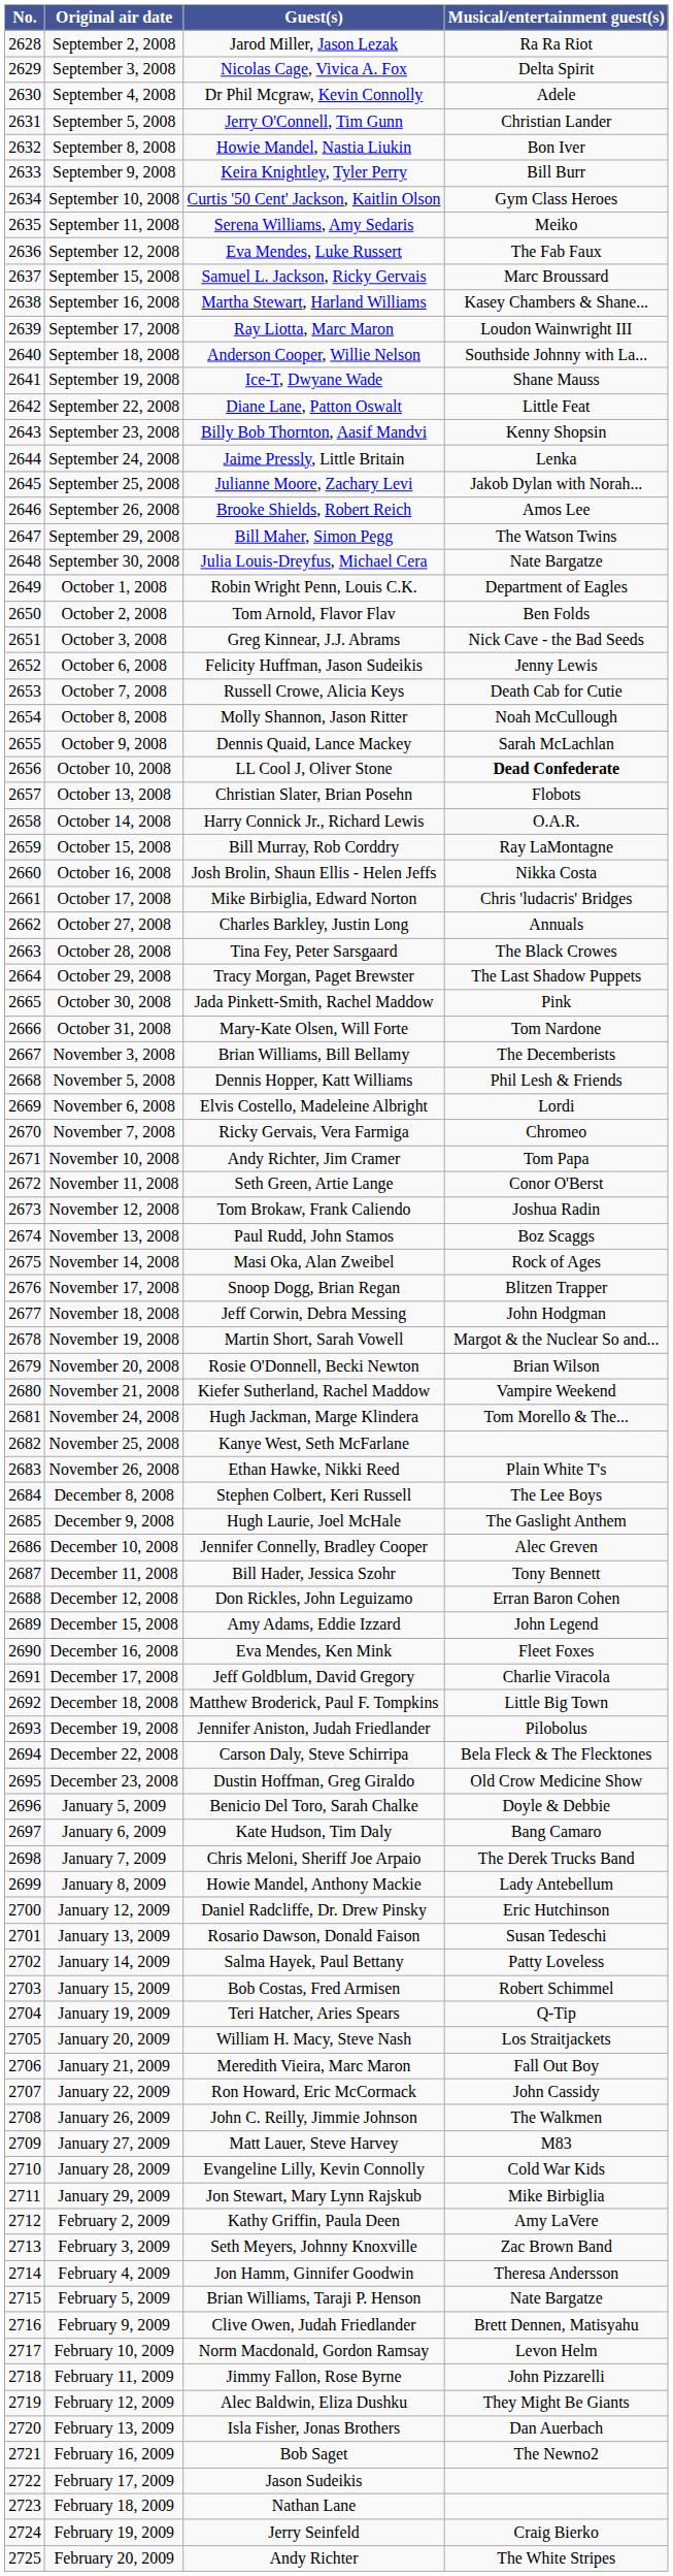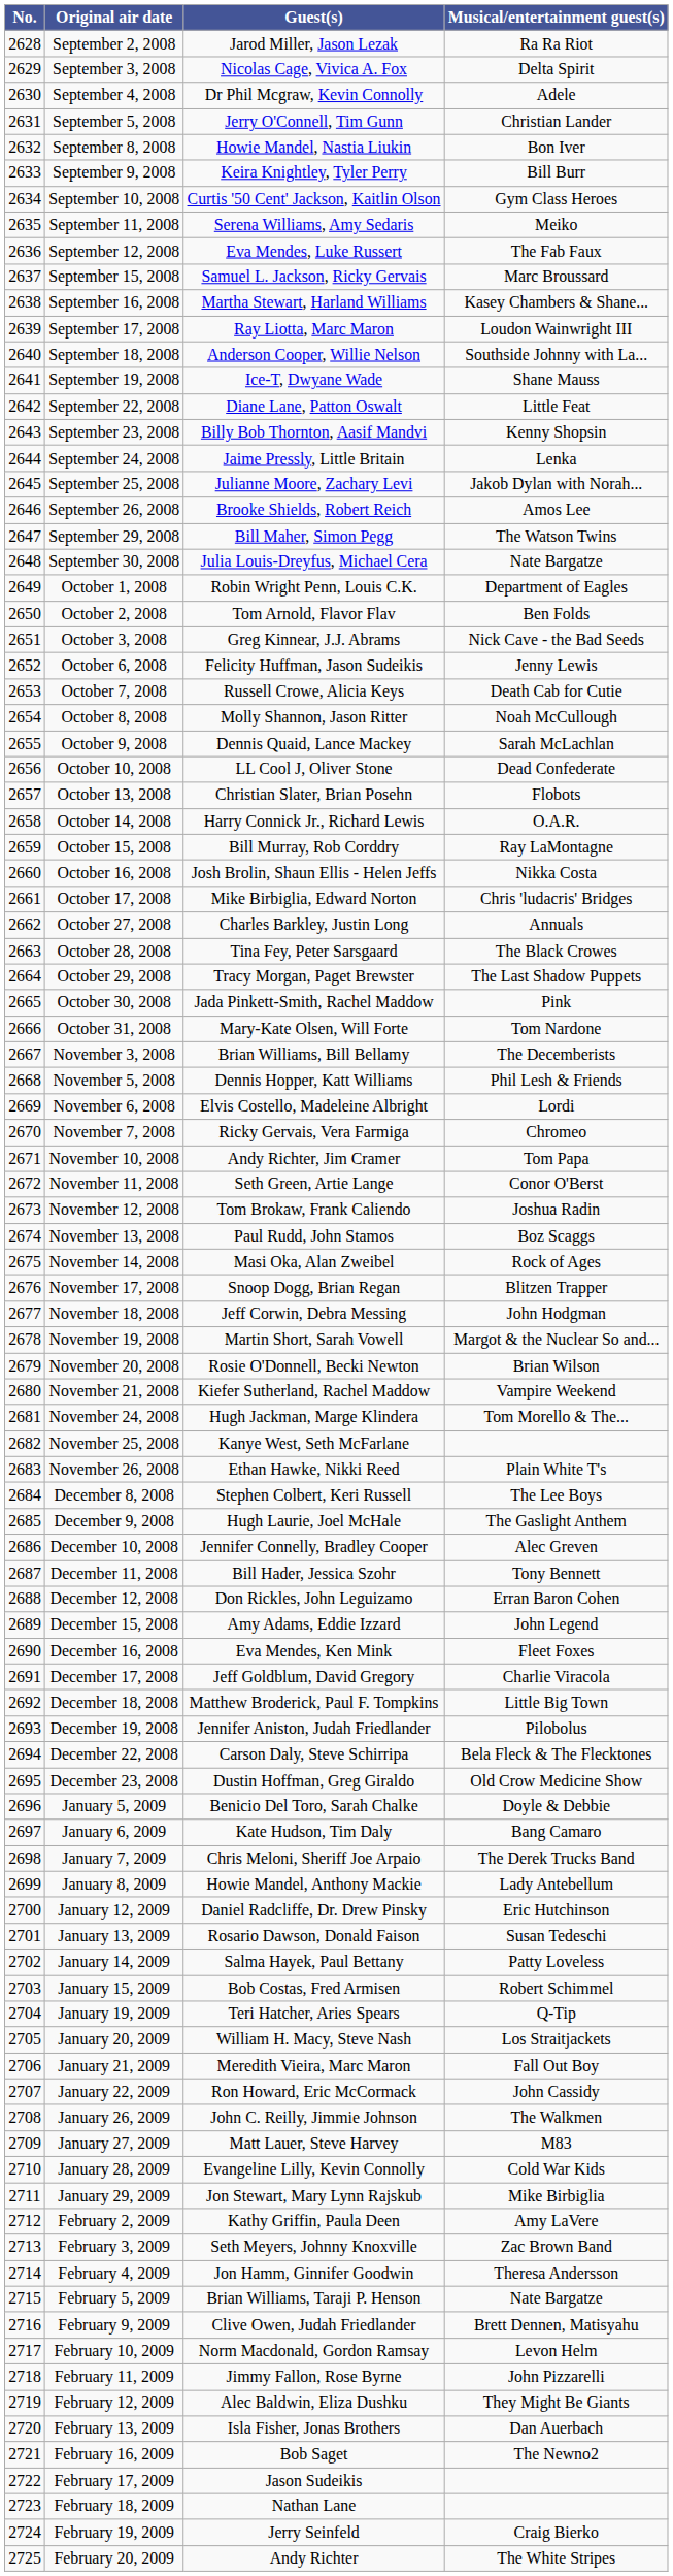 <table class="wikitable" style="text-align:center",>
 <tr style="background: #445597; color: white">
 <td><strong>No.</strong></td>
 <td><strong>Original air date</strong></td>
 <td><strong>Guest(s)</strong></td>
 <td><strong>Musical/entertainment guest(s)</strong></td>
 </tr>
 <tr>
 <td>2628</td>
 <td>September 2, 2008</td>
 <td>Jarod Miller, <a href='#'>Jason Lezak</a></td>
 <td>Ra Ra Riot</td>
 </tr>
 <tr>
 <td>2629</td>
 <td>September 3, 2008</td>
 <td><a href='#'>Nicolas Cage</a>, <a href='#'>Vivica A. Fox</a></td>
 <td>Delta Spirit</td>
 </tr>
 <tr>
 <td>2630</td>
 <td>September 4, 2008</td>
 <td>Dr Phil Mcgraw, <a href='#'>Kevin Connolly</a></td>
 <td>Adele</td>
 </tr>
 <tr>
 <td>2631</td>
 <td>September 5, 2008</td>
 <td><a href='#'>Jerry O'Connell</a>, <a href='#'>Tim Gunn</a></td>
 <td>Christian Lander</td>
 </tr>
 <tr>
 <td>2632</td>
 <td>September 8, 2008</td>
 <td><a href='#'>Howie Mandel</a>, <a href='#'>Nastia Liukin</a></td>
 <td>Bon Iver</td>
 </tr>
 <tr>
 <td>2633</td>
 <td>September 9, 2008</td>
 <td><a href='#'>Keira Knightley</a>, <a href='#'>Tyler Perry</a></td>
 <td>Bill Burr</td>
 </tr>
 <tr>
 <td>2634</td>
 <td>September 10, 2008</td>
 <td><a href='#'>Curtis '50 Cent' Jackson</a>, <a href='#'>Kaitlin Olson</a></td>
 <td>Gym Class Heroes</td>
 </tr>
 <tr>
 <td>2635</td>
 <td>September 11, 2008</td>
 <td><a href='#'>Serena Williams</a>, <a href='#'>Amy Sedaris</a></td>
 <td>Meiko</td>
 </tr>
 <tr>
 <td>2636</td>
 <td>September 12, 2008</td>
 <td><a href='#'>Eva Mendes</a>, <a href='#'>Luke Russert</a></td>
 <td>The Fab Faux</td>
 </tr>
 <tr>
 <td>2637</td>
 <td>September 15, 2008</td>
 <td><a href='#'>Samuel L. Jackson</a>, <a href='#'>Ricky Gervais</a></td>
 <td>Marc Broussard</td>
 </tr>
 <tr>
 <td>2638</td>
 <td>September 16, 2008</td>
 <td><a href='#'>Martha Stewart</a>, <a href='#'>Harland Williams</a></td>
 <td>Kasey Chambers & Shane...</td>
 </tr>
 <tr>
 <td>2639</td>
 <td>September 17, 2008</td>
 <td><a href='#'>Ray Liotta</a>, <a href='#'>Marc Maron</a></td>
 <td>Loudon Wainwright III</td>
 </tr>
 <tr>
 <td>2640</td>
 <td>September 18, 2008</td>
 <td><a href='#'>Anderson Cooper</a>, <a href='#'>Willie Nelson</a></td>
 <td>Southside Johnny with La...</td>
 </tr>
 <tr>
 <td>2641</td>
 <td>September 19, 2008</td>
 <td><a href='#'>Ice-T</a>, <a href='#'>Dwyane Wade</a></td>
 <td>Shane Mauss</td>
 </tr>
 <tr>
 <td>2642</td>
 <td>September 22, 2008</td>
 <td><a href='#'>Diane Lane</a>, <a href='#'>Patton Oswalt</a></td>
 <td>Little Feat</td>
 </tr>
 <tr>
 <td>2643</td>
 <td>September 23, 2008</td>
 <td><a href='#'>Billy Bob Thornton</a>, <a href='#'>Aasif Mandvi</a></td>
 <td>Kenny Shopsin</td>
 </tr>
 <tr>
 <td>2644</td>
 <td>September 24, 2008</td>
 <td><a href='#'>Jaime Pressly</a>, Little Britain</td>
 <td>Lenka</td>
 </tr>
 <tr>
 <td>2645</td>
 <td>September 25, 2008</td>
 <td><a href='#'>Julianne Moore</a>, <a href='#'>Zachary Levi</a></td>
 <td>Jakob Dylan with Norah...</td>
 </tr>
 <tr>
 <td>2646</td>
 <td>September 26, 2008</td>
 <td><a href='#'>Brooke Shields</a>, <a href='#'>Robert Reich</a></td>
 <td>Amos Lee</td>
 </tr>
 <tr>
 <td>2647</td>
 <td>September 29, 2008</td>
 <td><a href='#'>Bill Maher</a>, <a href='#'>Simon Pegg</a></td>
 <td>The Watson Twins</td>
 </tr>
 <tr>
 <td>2648</td>
 <td>September 30, 2008</td>
 <td><a href='#'>Julia Louis-Dreyfus</a>, <a href='#'>Michael Cera</a></td>
 <td>Nate Bargatze</td>
 </tr>
 <tr>
 <td>2649</td>
 <td>October 1, 2008</td>
 <td>Robin Wright Penn, Louis C.K.</td>
 <td>Department of Eagles</td>
 </tr>
 <tr>
 <td>2650</td>
 <td>October 2, 2008</td>
 <td>Tom Arnold, Flavor Flav</td>
 <td>Ben Folds</td>
 </tr>
 <tr>
 <td>2651</td>
 <td>October 3, 2008</td>
 <td>Greg Kinnear, J.J. Abrams</td>
 <td>Nick Cave - the Bad Seeds</td>
 </tr>
 <tr>
 <td>2652</td>
 <td>October 6, 2008</td>
 <td>Felicity Huffman, Jason Sudeikis</td>
 <td>Jenny Lewis</td>
 </tr>
 <tr>
 <td>2653</td>
 <td>October 7, 2008</td>
 <td>Russell Crowe, Alicia Keys</td>
 <td>Death Cab for Cutie</td>
 </tr>
 <tr>
 <td>2654</td>
 <td>October 8, 2008</td>
 <td>Molly Shannon, Jason Ritter</td>
 <td>Noah McCullough</td>
 </tr>
 <tr>
 <td>2655</td>
 <td>October 9, 2008</td>
 <td>Dennis Quaid, Lance Mackey</td>
 <td>Sarah McLachlan</td>
 </tr>
 <tr>
 <td>2656</td>
 <td>October 10, 2008</td>
 <td>LL Cool J, Oliver Stone</td>
-<td><strong>Dead Confederate</strong></td>
+<td>Dead Confederate</td>
 </tr>
 <tr>
 <td>2657</td>
 <td>October 13, 2008</td>
 <td>Christian Slater, Brian Posehn</td>
 <td>Flobots</td>
 </tr>
 <tr>
 <td>2658</td>
 <td>October 14, 2008</td>
 <td>Harry Connick Jr., Richard Lewis</td>
 <td>O.A.R.</td>
 </tr>
 <tr>
 <td>2659</td>
 <td>October 15, 2008</td>
 <td>Bill Murray, Rob Corddry</td>
 <td>Ray LaMontagne</td>
 </tr>
 <tr>
 <td>2660</td>
 <td>October 16, 2008</td>
 <td>Josh Brolin, Shaun Ellis - Helen Jeffs</td>
 <td>Nikka Costa</td>
 </tr>
 <tr>
 <td>2661</td>
 <td>October 17, 2008</td>
 <td>Mike Birbiglia, Edward Norton</td>
 <td>Chris 'ludacris' Bridges</td>
 </tr>
 <tr>
 <td>2662</td>
 <td>October 27, 2008</td>
 <td>Charles Barkley, Justin Long</td>
 <td>Annuals</td>
 </tr>
 <tr>
 <td>2663</td>
 <td>October 28, 2008</td>
 <td>Tina Fey, Peter Sarsgaard</td>
 <td>The Black Crowes</td>
 </tr>
 <tr>
 <td>2664</td>
 <td>October 29, 2008</td>
 <td>Tracy Morgan, Paget Brewster</td>
 <td>The Last Shadow Puppets</td>
 </tr>
 <tr>
 <td>2665</td>
 <td>October 30, 2008</td>
 <td>Jada Pinkett-Smith, Rachel Maddow</td>
 <td>Pink</td>
 </tr>
 <tr>
 <td>2666</td>
 <td>October 31, 2008</td>
 <td>Mary-Kate Olsen, Will Forte</td>
 <td>Tom Nardone</td>
 </tr>
 <tr>
 <td>2667</td>
 <td>November 3, 2008</td>
 <td>Brian Williams, Bill Bellamy</td>
 <td>The Decemberists</td>
 </tr>
 <tr>
 <td>2668</td>
 <td>November 5, 2008</td>
 <td>Dennis Hopper, Katt Williams</td>
 <td>Phil Lesh & Friends</td>
 </tr>
 <tr>
 <td>2669</td>
 <td>November 6, 2008</td>
 <td>Elvis Costello, Madeleine Albright</td>
 <td>Lordi</td>
 </tr>
 <tr>
 <td>2670</td>
 <td>November 7, 2008</td>
 <td>Ricky Gervais, Vera Farmiga</td>
 <td>Chromeo</td>
 </tr>
 <tr>
 <td>2671</td>
 <td>November 10, 2008</td>
 <td>Andy Richter, Jim Cramer</td>
 <td>Tom Papa</td>
 </tr>
 <tr>
 <td>2672</td>
 <td>November 11, 2008</td>
 <td>Seth Green, Artie Lange</td>
 <td>Conor O'Berst</td>
 </tr>
 <tr>
 <td>2673</td>
 <td>November 12, 2008</td>
 <td>Tom Brokaw, Frank Caliendo</td>
 <td>Joshua Radin</td>
 </tr>
 <tr>
 <td>2674</td>
 <td>November 13, 2008</td>
 <td>Paul Rudd, John Stamos</td>
 <td>Boz Scaggs</td>
 </tr>
 <tr>
 <td>2675</td>
 <td>November 14, 2008</td>
 <td>Masi Oka, Alan Zweibel</td>
 <td>Rock of Ages</td>
 </tr>
 <tr>
 <td>2676</td>
 <td>November 17, 2008</td>
 <td>Snoop Dogg, Brian Regan</td>
 <td>Blitzen Trapper</td>
 </tr>
 <tr>
 <td>2677</td>
 <td>November 18, 2008</td>
 <td>Jeff Corwin, Debra Messing</td>
 <td>John Hodgman</td>
 </tr>
 <tr>
 <td>2678</td>
 <td>November 19, 2008</td>
 <td>Martin Short, Sarah Vowell</td>
 <td>Margot & the Nuclear So and...</td>
 </tr>
 <tr>
 <td>2679</td>
 <td>November 20, 2008</td>
 <td>Rosie O'Donnell, Becki Newton</td>
 <td>Brian Wilson</td>
 </tr>
 <tr>
 <td>2680</td>
 <td>November 21, 2008</td>
 <td>Kiefer Sutherland, Rachel Maddow</td>
 <td>Vampire Weekend</td>
 </tr>
 <tr>
 <td>2681</td>
 <td>November 24, 2008</td>
 <td>Hugh Jackman, Marge Klindera</td>
 <td>Tom Morello & The...</td>
 </tr>
 <tr>
 <td>2682</td>
 <td>November 25, 2008</td>
 <td>Kanye West, Seth McFarlane</td>
 <td></td>
 </tr>
 <tr>
 <td>2683</td>
 <td>November 26, 2008</td>
 <td>Ethan Hawke, Nikki Reed</td>
 <td>Plain White T's</td>
 </tr>
 <tr>
 <td>2684</td>
 <td>December 8, 2008</td>
 <td>Stephen Colbert, Keri Russell</td>
 <td>The Lee Boys</td>
 </tr>
 <tr>
 <td>2685</td>
 <td>December 9, 2008</td>
 <td>Hugh Laurie, Joel McHale</td>
 <td>The Gaslight Anthem</td>
 </tr>
 <tr>
 <td>2686</td>
 <td>December 10, 2008</td>
 <td>Jennifer Connelly, Bradley Cooper</td>
 <td>Alec Greven</td>
 </tr>
 <tr>
 <td>2687</td>
 <td>December 11, 2008</td>
 <td>Bill Hader, Jessica Szohr</td>
 <td>Tony Bennett</td>
 </tr>
 <tr>
 <td>2688</td>
 <td>December 12, 2008</td>
 <td>Don Rickles, John Leguizamo</td>
 <td>Erran Baron Cohen</td>
 </tr>
 <tr>
 <td>2689</td>
 <td>December 15, 2008</td>
 <td>Amy Adams, Eddie Izzard</td>
 <td>John Legend</td>
 </tr>
 <tr>
 <td>2690</td>
 <td>December 16, 2008</td>
 <td>Eva Mendes, Ken Mink</td>
 <td>Fleet Foxes</td>
 </tr>
 <tr>
 <td>2691</td>
 <td>December 17, 2008</td>
 <td>Jeff Goldblum, David Gregory</td>
 <td>Charlie Viracola</td>
 </tr>
 <tr>
 <td>2692</td>
 <td>December 18, 2008</td>
 <td>Matthew Broderick, Paul F. Tompkins</td>
 <td>Little Big Town</td>
 </tr>
 <tr>
 <td>2693</td>
 <td>December 19, 2008</td>
 <td>Jennifer Aniston, Judah Friedlander</td>
 <td>Pilobolus</td>
 </tr>
 <tr>
 <td>2694</td>
 <td>December 22, 2008</td>
 <td>Carson Daly, Steve Schirripa</td>
 <td>Bela Fleck & The Flecktones</td>
 </tr>
 <tr>
 <td>2695</td>
 <td>December 23, 2008</td>
 <td>Dustin Hoffman, Greg Giraldo</td>
 <td>Old Crow Medicine Show</td>
 </tr>
 <tr>
 <td>2696</td>
 <td>January 5, 2009</td>
 <td>Benicio Del Toro, Sarah Chalke</td>
 <td>Doyle & Debbie</td>
 </tr>
 <tr>
 <td>2697</td>
 <td>January 6, 2009</td>
 <td>Kate Hudson, Tim Daly</td>
 <td>Bang Camaro</td>
 </tr>
 <tr>
 <td>2698</td>
 <td>January 7, 2009</td>
 <td>Chris Meloni, Sheriff Joe Arpaio</td>
 <td>The Derek Trucks Band</td>
 </tr>
 <tr>
 <td>2699</td>
 <td>January 8, 2009</td>
 <td>Howie Mandel, Anthony Mackie</td>
 <td>Lady Antebellum</td>
 </tr>
 <tr>
 <td>2700</td>
 <td>January 12, 2009</td>
 <td>Daniel Radcliffe, Dr. Drew Pinsky</td>
 <td>Eric Hutchinson</td>
 </tr>
 <tr>
 <td>2701</td>
 <td>January 13, 2009</td>
 <td>Rosario Dawson, Donald Faison</td>
 <td>Susan Tedeschi</td>
 </tr>
 <tr>
 <td>2702</td>
 <td>January 14, 2009</td>
 <td>Salma Hayek, Paul Bettany</td>
 <td>Patty Loveless</td>
 </tr>
 <tr>
 <td>2703</td>
 <td>January 15, 2009</td>
 <td>Bob Costas, Fred Armisen</td>
 <td>Robert Schimmel</td>
 </tr>
 <tr>
 <td>2704</td>
 <td>January 19, 2009</td>
 <td>Teri Hatcher, Aries Spears</td>
 <td>Q-Tip</td>
 </tr>
 <tr>
 <td>2705</td>
 <td>January 20, 2009</td>
 <td>William H. Macy, Steve Nash</td>
 <td>Los Straitjackets</td>
 </tr>
 <tr>
 <td>2706</td>
 <td>January 21, 2009</td>
 <td>Meredith Vieira, Marc Maron</td>
 <td>Fall Out Boy</td>
 </tr>
 <tr>
 <td>2707</td>
 <td>January 22, 2009</td>
 <td>Ron Howard, Eric McCormack</td>
 <td>John Cassidy</td>
 </tr>
 <tr>
 <td>2708</td>
 <td>January 26, 2009</td>
 <td>John C. Reilly, Jimmie Johnson</td>
 <td>The Walkmen</td>
 </tr>
 <tr>
 <td>2709</td>
 <td>January 27, 2009</td>
 <td>Matt Lauer, Steve Harvey</td>
 <td>M83</td>
 </tr>
 <tr>
 <td>2710</td>
 <td>January 28, 2009</td>
 <td>Evangeline Lilly, Kevin Connolly</td>
 <td>Cold War Kids</td>
 </tr>
 <tr>
 <td>2711</td>
 <td>January 29, 2009</td>
 <td>Jon Stewart, Mary Lynn Rajskub</td>
 <td>Mike Birbiglia</td>
 </tr>
 <tr>
 <td>2712</td>
 <td>February 2, 2009</td>
 <td>Kathy Griffin, Paula Deen</td>
 <td>Amy LaVere</td>
 </tr>
 <tr>
 <td>2713</td>
 <td>February 3, 2009</td>
 <td>Seth Meyers, Johnny Knoxville</td>
 <td>Zac Brown Band</td>
 </tr>
 <tr>
 <td>2714</td>
 <td>February 4, 2009</td>
 <td>Jon Hamm, Ginnifer Goodwin</td>
 <td>Theresa Andersson</td>
 </tr>
 <tr>
 <td>2715</td>
 <td>February 5, 2009</td>
 <td>Brian Williams, Taraji P. Henson</td>
 <td>Nate Bargatze</td>
 </tr>
 <tr>
 <td>2716</td>
 <td>February 9, 2009</td>
 <td>Clive Owen, Judah Friedlander</td>
 <td>Brett Dennen, Matisyahu</td>
 </tr>
 <tr>
 <td>2717</td>
 <td>February 10, 2009</td>
 <td>Norm Macdonald, Gordon Ramsay</td>
 <td>Levon Helm</td>
 </tr>
 <tr>
 <td>2718</td>
 <td>February 11, 2009</td>
 <td>Jimmy Fallon, Rose Byrne</td>
 <td>John Pizzarelli</td>
 </tr>
 <tr>
 <td>2719</td>
 <td>February 12, 2009</td>
 <td>Alec Baldwin, Eliza Dushku</td>
 <td>They Might Be Giants</td>
 </tr>
 <tr>
 <td>2720</td>
 <td>February 13, 2009</td>
 <td>Isla Fisher, Jonas Brothers</td>
 <td>Dan Auerbach</td>
 </tr>
 <tr>
 <td>2721</td>
 <td>February 16, 2009</td>
 <td>Bob Saget</td>
 <td>The Newno2</td>
 </tr>
 <tr>
 <td>2722</td>
 <td>February 17, 2009</td>
 <td>Jason Sudeikis</td>
 <td></td>
 </tr>
 <tr>
 <td>2723</td>
 <td>February 18, 2009</td>
 <td>Nathan Lane</td>
 <td></td>
 </tr>
 <tr>
 <td>2724</td>
 <td>February 19, 2009</td>
 <td>Jerry Seinfeld</td>
 <td>Craig Bierko</td>
 </tr>
 <tr>
 <td>2725</td>
 <td>February 20, 2009</td>
 <td>Andy Richter</td>
 <td>The White Stripes</td>
 </tr>
 </table>
